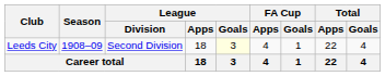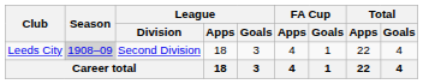 <table class="wikitable" style="text-align: center">
 <tr>
 <th rowspan="2">Club</th>
 <th rowspan="2">Season</th>
 <th colspan="3">League</th>
 <th colspan="2">FA Cup</th>
 <th colspan="2">Total</th>
 </tr>
 <tr>
 <th>Division</th>
 <th>Apps</th>
 <th>Goals</th>
 <th>Apps</th>
 <th>Goals</th>
 <th>Apps</th>
 <th>Goals</th>
 </tr>
 <tr>
 <td><a href='#'>Leeds City</a></td>
-<td><a href='#'>1908–09</a></td>
+<td style="background: lightgrey;"><a href='#'>1908–09</a></td>
 <td><a href='#'>Second Division</a></td>
 <td>18</td>
-<td style="background: lightyellow;">3</td>
+<td>3</td>
 <td>4</td>
 <td>1</td>
 <td>22</td>
 <td>4</td>
 </tr>
 <tr>
 <th colspan="3">Career total</th>
 <th>18</th>
 <th>3</th>
 <th>4</th>
 <th>1</th>
 <th>22</th>
 <th>4</th>
 </tr>
 </table>
